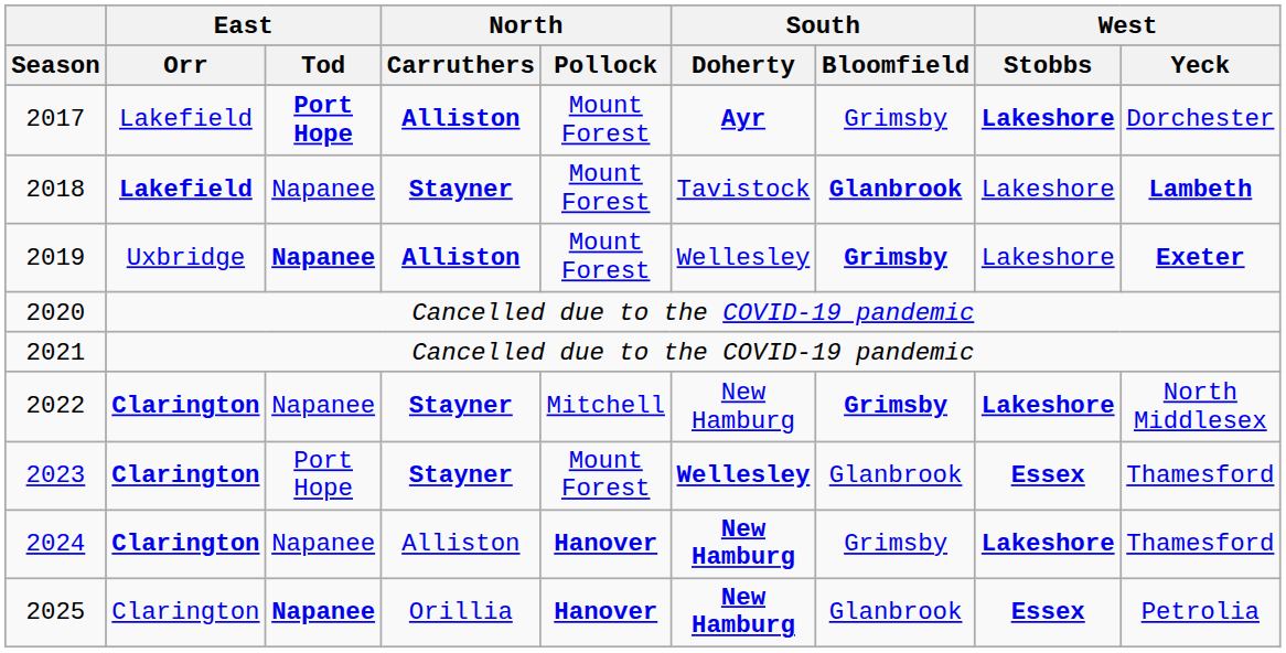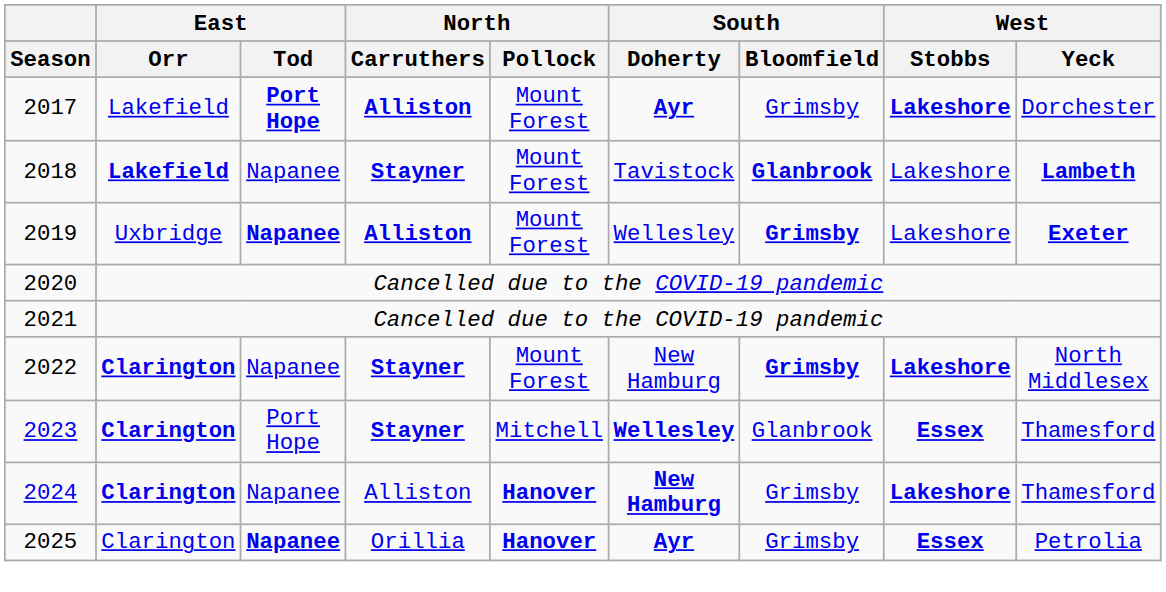 <table class="wikitable">
 <tr>
 <th></th>
 <th colspan="2">East</th>
 <th colspan="2">North</th>
 <th colspan="2">South</th>
 <th colspan="2">West</th>
 </tr>
 <tr>
 <th>Season</th>
 <th>Orr</th>
 <th>Tod</th>
 <th>Carruthers</th>
 <th>Pollock</th>
 <th>Doherty</th>
 <th>Bloomfield</th>
 <th>Stobbs</th>
 <th>Yeck</th>
 </tr>
 <tr align="center">
 <td>2017</td>
 <td><a href='#'>Lakefield</a></td>
 <td><strong><a href='#'>Port Hope</a></strong></td>
 <td><strong><a href='#'>Alliston</a></strong></td>
 <td><a href='#'>Mount Forest</a></td>
 <td><strong><a href='#'>Ayr</a></strong></td>
 <td><a href='#'>Grimsby</a></td>
 <td><strong><a href='#'>Lakeshore</a></strong></td>
 <td><a href='#'>Dorchester</a></td>
 </tr>
 <tr align="center">
 <td>2018</td>
 <td><strong><a href='#'>Lakefield</a></strong></td>
 <td><a href='#'>Napanee</a></td>
 <td><strong><a href='#'>Stayner</a></strong></td>
 <td><a href='#'>Mount Forest</a></td>
 <td><a href='#'>Tavistock</a></td>
 <td><strong><a href='#'>Glanbrook</a></strong></td>
 <td><a href='#'>Lakeshore</a></td>
 <td><strong><a href='#'>Lambeth</a></strong></td>
 </tr>
 <tr align="center">
 <td>2019</td>
 <td><a href='#'>Uxbridge</a></td>
 <td><strong><a href='#'>Napanee</a></strong></td>
 <td><strong><a href='#'>Alliston</a></strong></td>
 <td><a href='#'>Mount Forest</a></td>
 <td><a href='#'>Wellesley</a></td>
 <td><strong><a href='#'>Grimsby</a></strong></td>
 <td><a href='#'>Lakeshore</a></td>
 <td><strong><a href='#'>Exeter</a></strong></td>
 </tr>
 <tr align="center">
 <td>2020</td>
 <td colspan="8"><em>Cancelled due to the <a href='#'>COVID-19 pandemic</a></em></td>
 </tr>
 <tr align="center">
 <td>2021</td>
 <td colspan="8"><em>Cancelled due to the COVID-19 pandemic</em></td>
 </tr>
 <tr align="center">
 <td>2022</td>
 <td><strong><a href='#'>Clarington</a></strong></td>
 <td><a href='#'>Napanee</a></td>
 <td><strong><a href='#'>Stayner</a></strong></td>
-<td><a href='#'>Mitchell</a></td>
+<td><a href='#'>Mount Forest</a></td>
 <td><a href='#'>New Hamburg</a></td>
 <td><strong><a href='#'>Grimsby</a></strong></td>
 <td><strong><a href='#'>Lakeshore</a></strong></td>
 <td><a href='#'>North Middlesex</a></td>
 </tr>
 <tr align="center">
 <td><a href='#'>2023</a></td>
 <td><strong><a href='#'>Clarington</a></strong></td>
 <td><a href='#'>Port Hope</a></td>
 <td><strong><a href='#'>Stayner</a></strong></td>
-<td><a href='#'>Mount Forest</a></td>
+<td><a href='#'>Mitchell</a></td>
 <td><strong><a href='#'>Wellesley</a></strong></td>
 <td><a href='#'>Glanbrook</a></td>
 <td><strong><a href='#'>Essex</a></strong></td>
 <td><a href='#'>Thamesford</a></td>
 </tr>
 <tr align="center">
 <td><a href='#'>2024</a></td>
 <td><strong><a href='#'>Clarington</a></strong></td>
 <td><a href='#'>Napanee</a></td>
 <td><a href='#'>Alliston</a></td>
 <td><strong><a href='#'>Hanover</a></strong></td>
 <td><strong><a href='#'>New Hamburg</a></strong></td>
 <td><a href='#'>Grimsby</a></td>
 <td><strong><a href='#'>Lakeshore</a></strong></td>
 <td><a href='#'>Thamesford</a></td>
 </tr>
 <tr align="center">
 <td>2025</td>
 <td><a href='#'>Clarington</a></td>
 <td><strong><a href='#'>Napanee</a></strong></td>
 <td><a href='#'>Orillia</a></td>
 <td><strong><a href='#'>Hanover</a></strong></td>
-<td><strong><a href='#'>New Hamburg</a> </strong></td>
-<td><a href='#'>Glanbrook</a></td>
+<td><strong><a href='#'>Ayr</a></strong></td>
+<td><a href='#'>Grimsby</a></td>
 <td><strong><a href='#'>Essex</a></strong></td>
 <td><a href='#'>Petrolia</a></td>
 </tr>
 </table>
